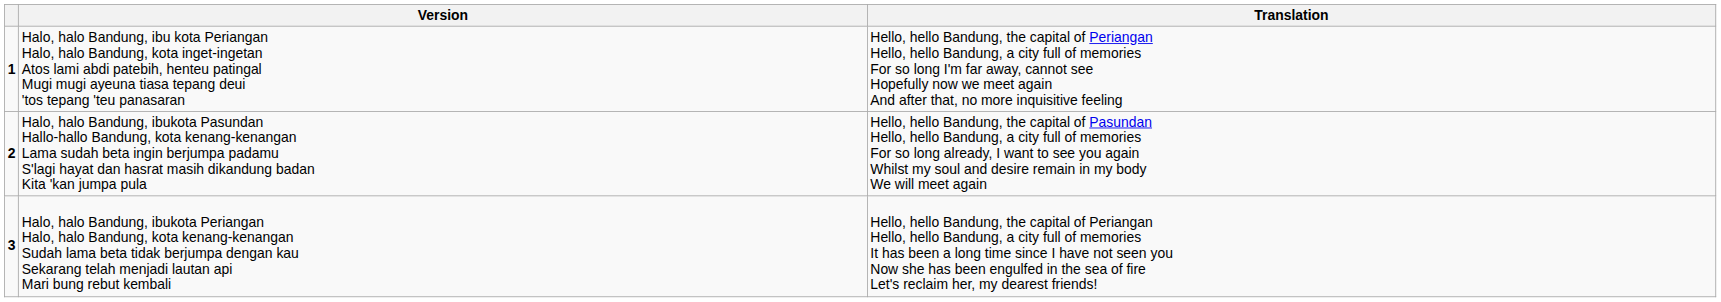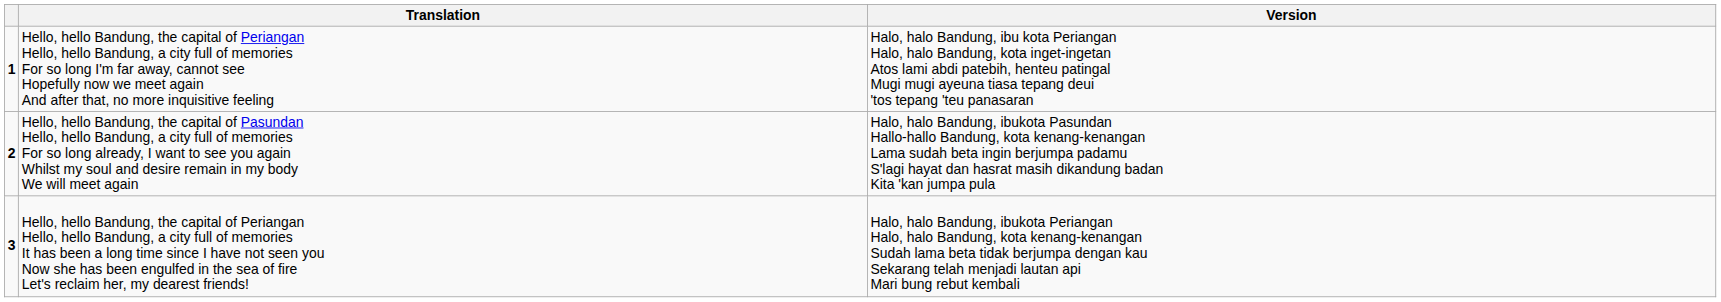 <table class="wikitable">
 <tr>
 <th></th>
+<th><strong>Translation</strong></th>
 <th><strong>Version</strong></th>
-<th><strong>Translation</strong></th>
 </tr>
 <tr id="Table row 1">
 <td><strong>1</strong></td>
+<td>Hello, hello Bandung, the capital of <a href='#'>Periangan</a><br>Hello, hello Bandung, a city full of memories<br>For so long I'm far away, cannot see<br>Hopefully now we meet again<br>And after that, no more inquisitive feeling</td>
 <td><span>Halo, halo Bandung, ibu kota Periangan </span><br><span>Halo, halo Bandung, kota inget-ingetan</span><br><span>Atos lami abdi patebih, henteu patingal</span><br><span>Mugi mugi ayeuna tiasa tepang deui </span><br><span>'tos tepang 'teu panasaran</span></td>
-<td>Hello, hello Bandung, the capital of <a href='#'>Periangan</a><br>Hello, hello Bandung, a city full of memories<br>For so long I'm far away, cannot see<br>Hopefully now we meet again<br>And after that, no more inquisitive feeling</td>
 </tr>
 <tr id="Table row 2">
 <td><strong>2</strong></td>
+<td style="width:50%;">Hello, hello Bandung, the capital of <a href='#'>Pasundan</a><br>Hello, hello Bandung, a city full of memories<br>For so long already, I want to see you again<br>Whilst my soul and desire remain in my body<br>We will meet again</td>
 <td style="width:50%;">Halo, halo Bandung, ibukota Pasundan<br>Hallo-hallo Bandung, kota kenang-kenangan<br>Lama sudah beta ingin berjumpa padamu<br>S'lagi hayat dan hasrat masih dikandung badan<br>Kita 'kan jumpa pula</td>
-<td style="width:50%;">Hello, hello Bandung, the capital of <a href='#'>Pasundan</a><br>Hello, hello Bandung, a city full of memories<br>For so long already, I want to see you again<br>Whilst my soul and desire remain in my body<br>We will meet again</td>
 </tr>
 <tr id="Table row 3">
 <td><strong>3</strong></td>
+<td style="width:50%;"><br>Hello, hello Bandung, the capital of Periangan<br>Hello, hello Bandung, a city full of memories<br>It has been a long time since I have not seen you<br>Now she has been engulfed in the sea of fire<br>Let's reclaim her, my dearest friends!</td>
 <td style="width:50%;"><br>Halo, halo Bandung, ibukota Periangan<br>Halo, halo Bandung, kota kenang-kenangan<br>Sudah lama beta tidak berjumpa dengan kau<br>Sekarang telah menjadi lautan api<br>Mari bung rebut kembali</td>
-<td style="width:50%;"><br>Hello, hello Bandung, the capital of Periangan<br>Hello, hello Bandung, a city full of memories<br>It has been a long time since I have not seen you<br>Now she has been engulfed in the sea of fire<br>Let's reclaim her, my dearest friends!</td>
 </tr>
 </table>
